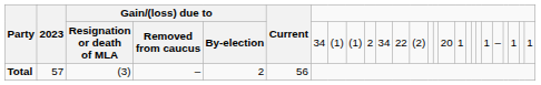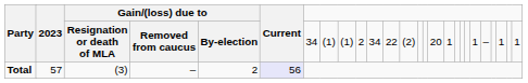 <table class="wikitable plainrowheaders" style="text-align:right">
 <tr>
 <th rowspan="2" colspan="2">Party</th>
 <th rowspan="2">2023</th>
 <th colspan="3">Gain/(loss) due to</th>
 <th rowspan="2">Current</th>
 </tr>
 <tr>
 <th>Resignation<br>or death<br>of MLA</th>
 <th>Removed<br>from caucus</th>
 <th>By-election<br></th>
 <td>34</td>
 <td>(1)</td>
 <td>(1)</td>
 <td>2</td>
 <td>34<br></td>
 <td>22</td>
 <td>(2)</td>
 <td></td>
 <td></td>
 <td>20<br></td>
 <td>1</td>
 <td></td>
 <td></td>
 <td></td>
 <td>1<br></td>
 <td>–</td>
 <td></td>
 <td>1</td>
 <td></td>
 <td>1</td>
 </tr>
 <tr>
 <td colspan="2" style="text-align:left;"><strong>Total</strong></td>
 <td>57</td>
 <td>(3)</td>
 <td>–</td>
 <td>2</td>
-<td>56</td>
+<td style="background: lavender;">56</td>
 </tr>
 </table>
